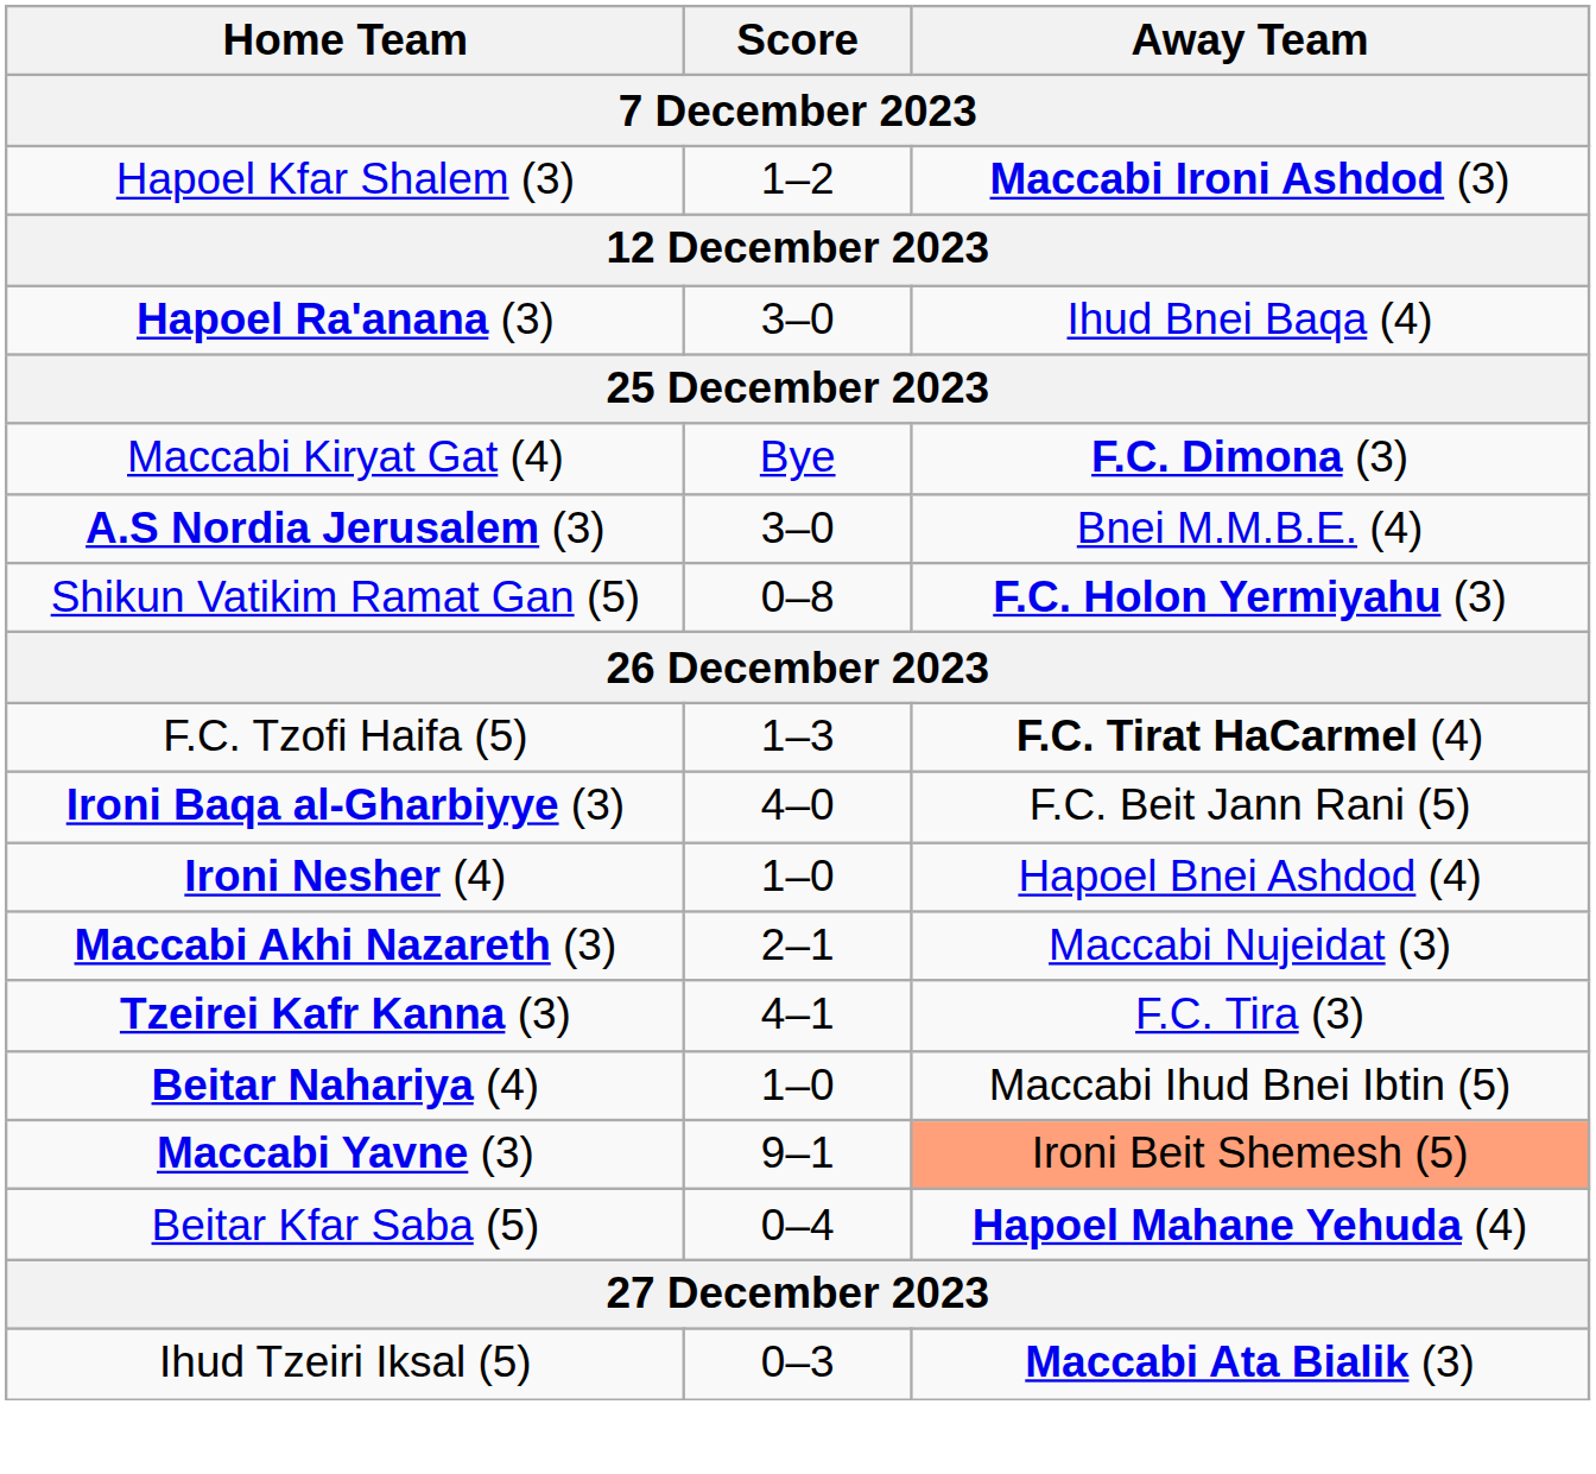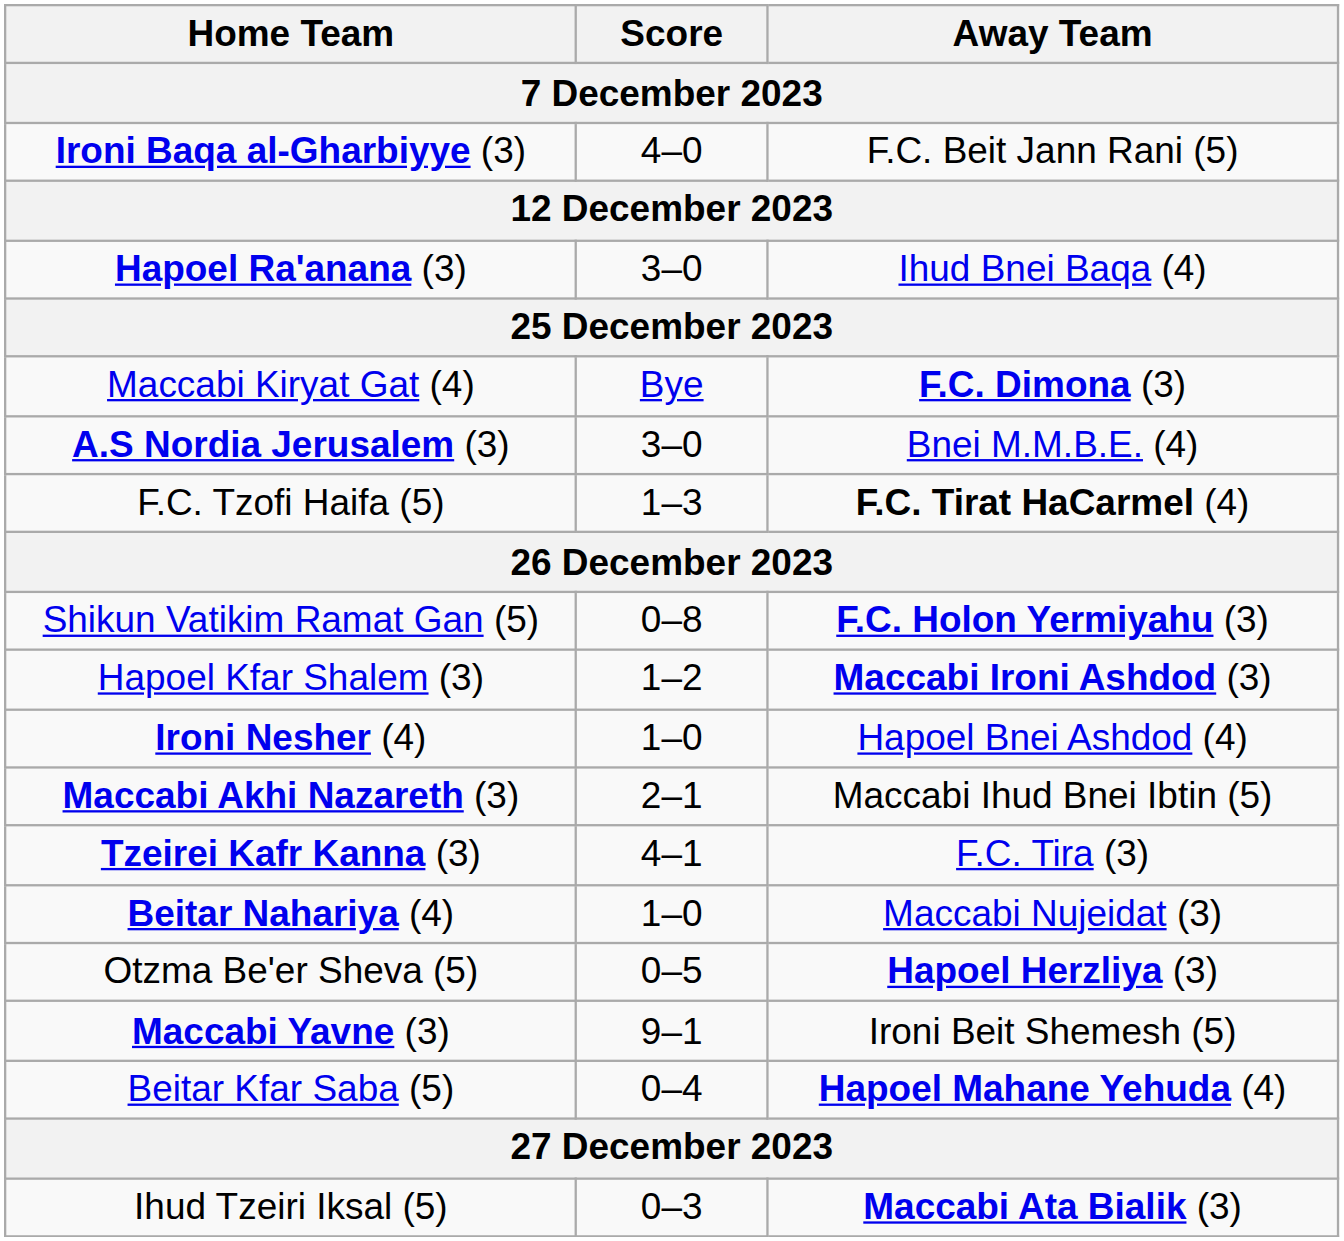 <table class="wikitable" style="text-align: center;">
 <tr>
 <th width="240px">Home Team</th>
 <th width="75px">Score</th>
 <th width="240px">Away Team</th>
 </tr>
 <tr>
 <th colspan=3>7 December 2023</th>
 </tr>
 <tr>
-<td><a href='#'>Hapoel Kfar Shalem</a> (3)</td>
-<td>1–2</td>
-<td><strong><a href='#'>Maccabi Ironi Ashdod</a></strong> (3)</td>
+<td><strong><a href='#'>Ironi Baqa al-Gharbiyye</a></strong> (3)</td>
+<td>4–0</td>
+<td>F.C. Beit Jann Rani (5)</td>
 </tr>
 <tr>
 <th colspan=3>12 December 2023</th>
 </tr>
 <tr>
 <td><strong><a href='#'>Hapoel Ra'anana</a></strong> (3)</td>
 <td>3–0</td>
 <td><a href='#'>Ihud Bnei Baqa</a> (4)</td>
 </tr>
 <tr>
 <th colspan=3>25 December 2023</th>
 </tr>
 <tr>
 <td><a href='#'>Maccabi Kiryat Gat</a> (4)</td>
 <td><a href='#'>Bye</a></td>
 <td><strong><a href='#'>F.C. Dimona</a></strong> (3)</td>
 </tr>
 <tr>
 <td><strong><a href='#'>A.S Nordia Jerusalem</a></strong> (3)</td>
 <td>3–0</td>
 <td><a href='#'>Bnei M.M.B.E.</a> (4)</td>
 </tr>
 <tr>
+<td>F.C. Tzofi Haifa (5)</td>
+<td>1–3</td>
+<td><strong>F.C. Tirat HaCarmel</strong> (4)</td>
+</tr>
+<tr>
+<th colspan=3>26 December 2023</th>
+</tr>
+<tr>
 <td><a href='#'>Shikun Vatikim Ramat Gan</a> (5)</td>
 <td>0–8</td>
 <td><strong><a href='#'>F.C. Holon Yermiyahu</a></strong> (3)</td>
 </tr>
 <tr>
-<th colspan=3>26 December 2023</th>
-</tr>
-<tr>
-<td>F.C. Tzofi Haifa (5)</td>
-<td>1–3</td>
-<td><strong>F.C. Tirat HaCarmel</strong> (4)</td>
-</tr>
-<tr>
-<td><strong><a href='#'>Ironi Baqa al-Gharbiyye</a></strong> (3)</td>
-<td>4–0</td>
-<td>F.C. Beit Jann Rani (5)</td>
+<td><a href='#'>Hapoel Kfar Shalem</a> (3)</td>
+<td>1–2</td>
+<td><strong><a href='#'>Maccabi Ironi Ashdod</a></strong> (3)</td>
 </tr>
 <tr>
 <td><strong><a href='#'>Ironi Nesher</a></strong> (4)</td>
 <td>1–0</td>
 <td><a href='#'>Hapoel Bnei Ashdod</a> (4)</td>
 </tr>
 <tr>
 <td><strong><a href='#'>Maccabi Akhi Nazareth</a></strong> (3)</td>
 <td>2–1</td>
-<td><a href='#'>Maccabi Nujeidat</a> (3)</td>
+<td>Maccabi Ihud Bnei Ibtin (5)</td>
 </tr>
 <tr>
 <td><strong><a href='#'>Tzeirei Kafr Kanna</a></strong> (3)</td>
 <td>4–1</td>
 <td><a href='#'>F.C. Tira</a> (3)</td>
 </tr>
 <tr>
 <td><strong><a href='#'>Beitar Nahariya</a></strong> (4)</td>
 <td>1–0 </td>
-<td>Maccabi Ihud Bnei Ibtin (5)</td>
+<td><a href='#'>Maccabi Nujeidat</a> (3)</td>
+</tr>
+<tr>
+<td>Otzma Be'er Sheva (5)</td>
+<td>0–5</td>
+<td><strong><a href='#'>Hapoel Herzliya</a></strong> (3)</td>
 </tr>
 <tr>
 <td><strong><a href='#'>Maccabi Yavne</a></strong> (3)</td>
 <td>9–1</td>
-<td style="background: lightsalmon;">Ironi Beit Shemesh (5)</td>
+<td>Ironi Beit Shemesh (5)</td>
 </tr>
 <tr>
 <td><a href='#'>Beitar Kfar Saba</a> (5)</td>
 <td>0–4</td>
 <td><strong><a href='#'>Hapoel Mahane Yehuda</a></strong> (4)</td>
 </tr>
 <tr>
 <th colspan=3>27 December 2023</th>
 </tr>
 <tr>
 <td>Ihud Tzeiri Iksal (5)</td>
 <td>0–3</td>
 <td><strong><a href='#'>Maccabi Ata Bialik</a></strong> (3)</td>
 </tr>
 </table>
